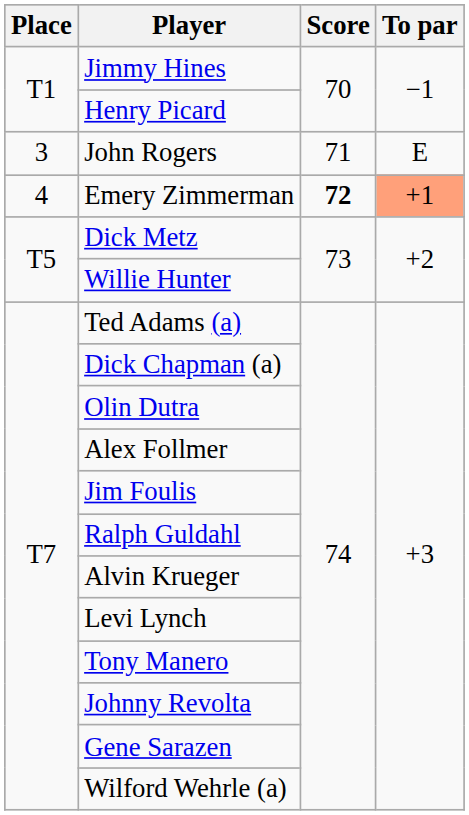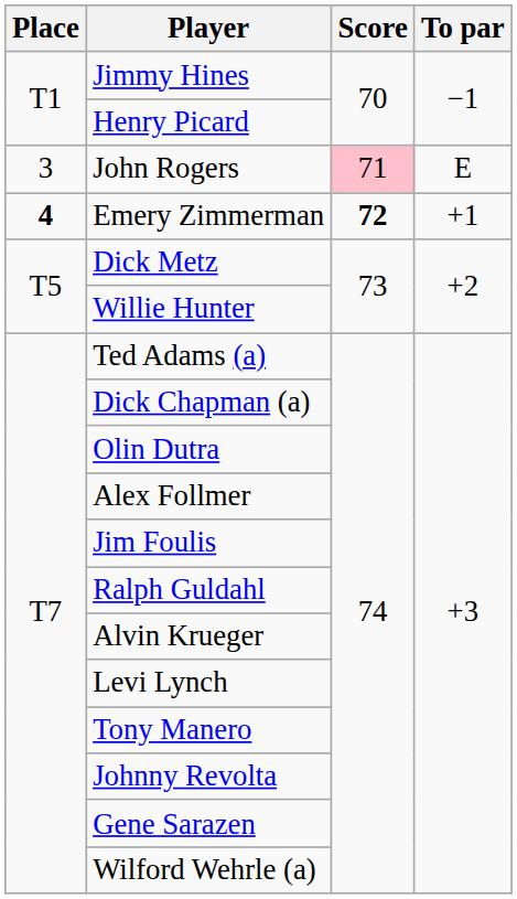 <table class=wikitable>
 <tr>
 <th>Place</th>
 <th>Player</th>
 <th>Score</th>
 <th>To par</th>
 </tr>
 <tr>
 <td rowspan=2 align=center>T1</td>
 <td> <a href='#'>Jimmy Hines</a></td>
 <td rowspan=2 align=center>70</td>
 <td rowspan=2 align=center>−1</td>
 </tr>
 <tr>
 <td> <a href='#'>Henry Picard</a></td>
 </tr>
 <tr>
 <td align=center>3</td>
 <td> John Rogers</td>
-<td align=center>71</td>
+<td align=center style="background: pink;">71</td>
 <td align=center>E</td>
 </tr>
 <tr>
-<td align=center>4</td>
+<td align=center><strong>4</strong></td>
 <td> Emery Zimmerman</td>
 <td align=center><strong>72</strong></td>
-<td align=center style="background: lightsalmon;">+1</td>
+<td align=center>+1</td>
 </tr>
 <tr>
 <td rowspan=2 align=center>T5</td>
 <td> <a href='#'>Dick Metz</a></td>
 <td rowspan=2 align=center>73</td>
 <td rowspan=2 align=center>+2</td>
 </tr>
 <tr>
 <td> <a href='#'>Willie Hunter</a></td>
 </tr>
 <tr>
 <td rowspan=12 align=center>T7</td>
 <td> Ted Adams <a href='#'>(a)</a></td>
 <td rowspan=12 align=center>74</td>
 <td rowspan=12 align=center>+3</td>
 </tr>
 <tr>
 <td> <a href='#'>Dick Chapman</a> (a)</td>
 </tr>
 <tr>
 <td> <a href='#'>Olin Dutra</a></td>
 </tr>
 <tr>
 <td> Alex Follmer</td>
 </tr>
 <tr>
 <td> <a href='#'>Jim Foulis</a></td>
 </tr>
 <tr>
 <td> <a href='#'>Ralph Guldahl</a></td>
 </tr>
 <tr>
 <td> Alvin Krueger</td>
 </tr>
 <tr>
 <td> Levi Lynch</td>
 </tr>
 <tr>
 <td> <a href='#'>Tony Manero</a></td>
 </tr>
 <tr>
 <td> <a href='#'>Johnny Revolta</a></td>
 </tr>
 <tr>
 <td> <a href='#'>Gene Sarazen</a></td>
 </tr>
 <tr>
 <td> Wilford Wehrle (a)</td>
 </tr>
 </table>
